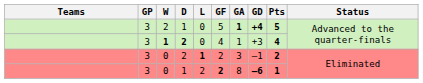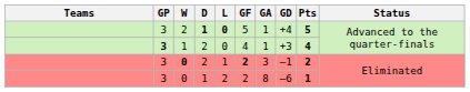 <table class=wikitable style="text-align:center">
 <tr>
 <th width=185>Teams</th>
 <th width=20>GP</th>
 <th width=20>W</th>
 <th width=20>D</th>
 <th width=20>L</th>
 <th width=20>GF</th>
 <th width=20>GA</th>
 <th width=20>GD</th>
 <th width=20>Pts</th>
 <th width=181>Status</th>
 </tr>
 <tr bgcolor="#D0F0C0">
 <td style="text-align:left;"></td>
 <td>3</td>
 <td>2</td>
+<td><strong>1</strong></td>
+<td><strong>0</strong></td>
+<td>5</td>
 <td>1</td>
-<td>0</td>
-<td>5</td>
-<td><strong>1</strong></td>
-<td><strong>+4</strong></td>
+<td>+4</td>
 <td><strong>5</strong></td>
 <td rowspan=2>Advanced to the quarter-finals</td>
 </tr>
 <tr bgcolor="#D0F0C0">
 <td style="text-align:left;"></td>
-<td>3</td>
-<td><strong>1</strong></td>
-<td><strong>2</strong></td>
+<td><strong>3</strong></td>
+<td>1</td>
+<td>2</td>
 <td>0</td>
 <td>4</td>
 <td>1</td>
 <td>+3</td>
 <td><strong>4</strong></td>
 </tr>
 <tr bgcolor=#FF8888>
 <td style="text-align:left;"></td>
 <td>3</td>
-<td>0</td>
+<td><strong>0</strong></td>
 <td>2</td>
-<td><strong>1</strong></td>
-<td>2</td>
+<td>1</td>
+<td><strong>2</strong></td>
 <td>3</td>
 <td>–1</td>
 <td><strong>2</strong></td>
 <td rowspan=2>Eliminated</td>
 </tr>
 <tr bgcolor=#FF8888>
 <td style="text-align:left;"></td>
 <td>3</td>
 <td>0</td>
 <td>1</td>
 <td>2</td>
-<td><strong>2</strong></td>
+<td>2</td>
 <td>8</td>
-<td><strong>–6</strong></td>
+<td>–6</td>
 <td><strong>1</strong></td>
 </tr>
 </table>
